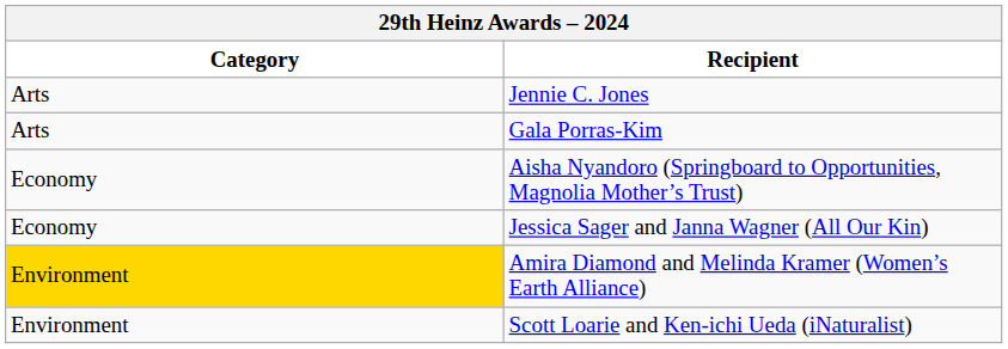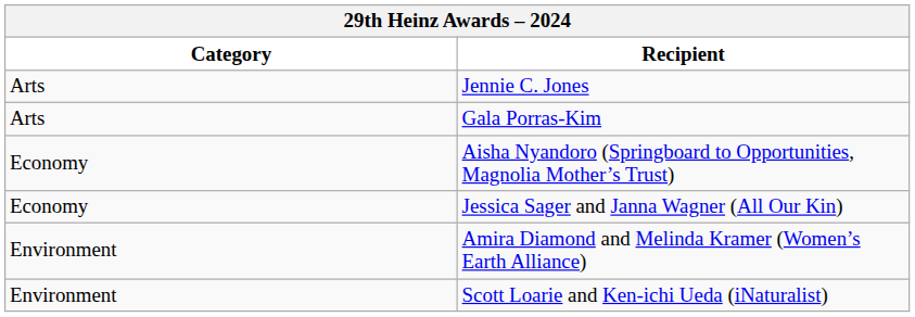 <table class="wikitable" style="width:80%; text-align:left">
 <tr>
 <th colspan="2" style="background:cream"><span>29th Heinz Awards – 2024</span></th>
 </tr>
 <tr>
 <th style="background:white; width:40%">Category</th>
 <th style="background:white; width:40%">Recipient</th>
 </tr>
 <tr>
 <td>Arts</td>
 <td><a href='#'>Jennie C. Jones</a></td>
 </tr>
 <tr>
 <td>Arts</td>
 <td><a href='#'>Gala Porras-Kim</a></td>
 </tr>
 <tr>
 <td>Economy</td>
 <td><a href='#'>Aisha Nyandoro</a> (<a href='#'>Springboard to Opportunities</a>, <a href='#'>Magnolia Mother’s Trust</a>)</td>
 </tr>
 <tr>
 <td>Economy</td>
 <td><a href='#'>Jessica Sager</a> and <a href='#'>Janna Wagner</a> (<a href='#'>All Our Kin</a>)</td>
 </tr>
 <tr>
-<td style="background: gold;">Environment</td>
+<td>Environment</td>
 <td><a href='#'>Amira Diamond</a> and <a href='#'>Melinda Kramer</a> (<a href='#'>Women’s Earth Alliance</a>)</td>
 </tr>
 <tr>
 <td>Environment</td>
 <td><a href='#'>Scott Loarie</a> and <a href='#'>Ken-ichi Ueda</a> (<a href='#'>iNaturalist</a>)</td>
 </tr>
 </table>
